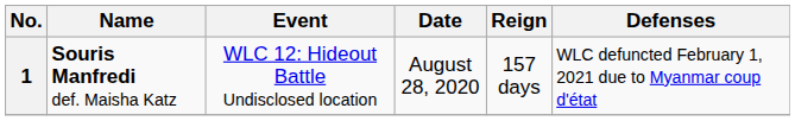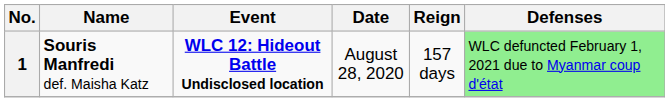 <table class="wikitable" width=100%>
 <tr>
 <th width=1%>No.</th>
 <th width=21%>Name</th>
 <th width=25%>Event</th>
 <th width=12%>Date</th>
 <th width=8%>Reign</th>
 <th width=32%>Defenses</th>
 </tr>
 <tr>
 <th>1</th>
 <td align=left> <strong>Souris Manfredi</strong><br><small>def. Maisha Katz</small></td>
-<td align=center><a href='#'>WLC 12: Hideout Battle</a><br><small>Undisclosed location</small></td>
+<td align=center><strong><a href='#'>WLC 12: Hideout Battle</a><br><small>Undisclosed location</small></strong></td>
 <td align=center>August 28, 2020</td>
 <td align=center>157 days</td>
-<td><small>WLC defuncted February 1, 2021 due to <a href='#'>Myanmar coup d'état</a></small></td>
+<td style="background: lightgreen;"><small>WLC defuncted February 1, 2021 due to <a href='#'>Myanmar coup d'état</a></small></td>
 </tr>
 <tr>
 </tr>
 </table>
